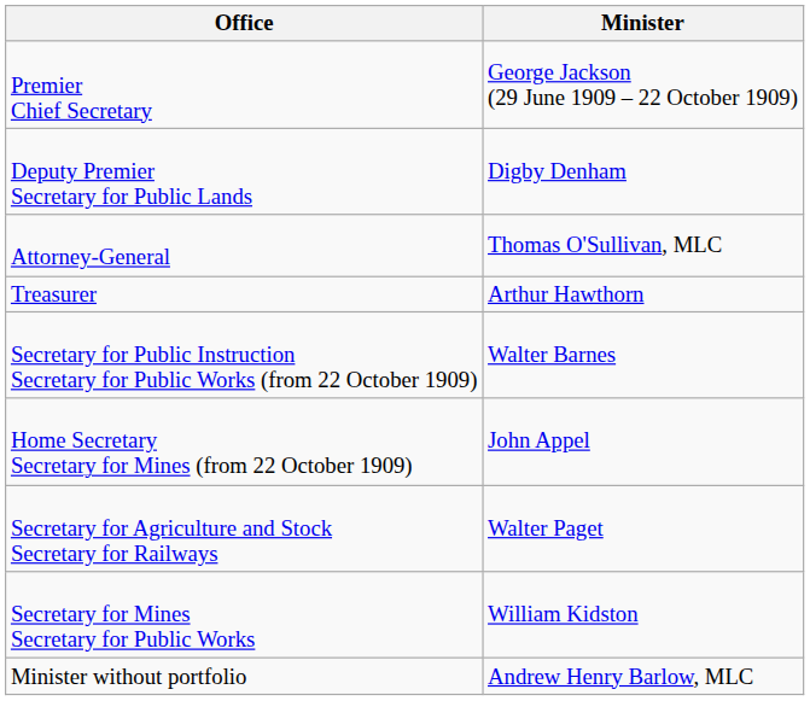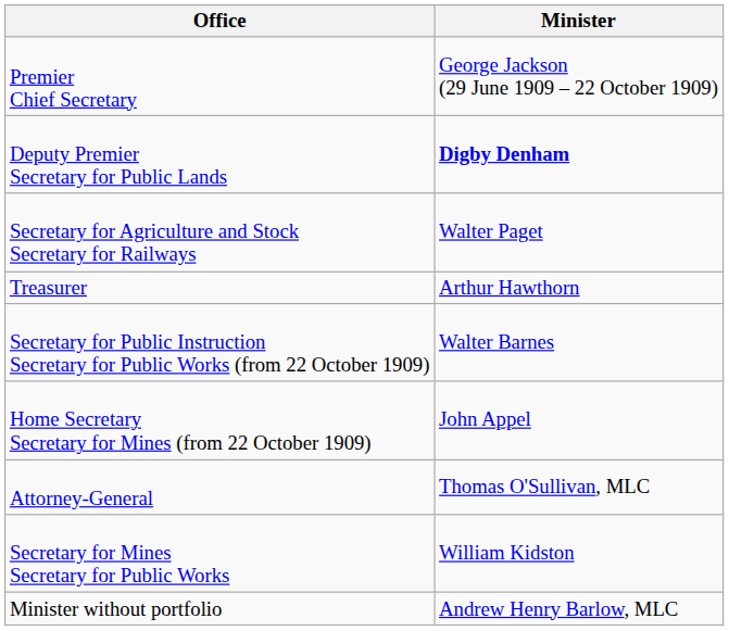 <table class="wikitable">
 <tr>
 <th>Office</th>
 <th>Minister</th>
 </tr>
 <tr>
 <td><br><a href='#'>Premier</a><br> <a href='#'>Chief Secretary</a><br></td>
 <td><a href='#'>George Jackson</a><br>(29 June 1909 – 22 October 1909)</td>
 </tr>
 <tr>
 <td><br><a href='#'>Deputy Premier</a><br> <a href='#'>Secretary for Public Lands</a></td>
-<td><a href='#'>Digby Denham</a></td>
+<td><strong><a href='#'>Digby Denham</a></strong></td>
 </tr>
 <tr>
-<td><br><a href='#'>Attorney-General</a></td>
-<td><a href='#'>Thomas O'Sullivan</a>, MLC</td>
+<td><br><a href='#'>Secretary for Agriculture and Stock</a><br> <a href='#'>Secretary for Railways</a></td>
+<td><a href='#'>Walter Paget</a></td>
 </tr>
 <tr>
 <td><a href='#'>Treasurer</a></td>
 <td><a href='#'>Arthur Hawthorn</a></td>
 </tr>
 <tr>
 <td><br><a href='#'>Secretary for Public Instruction</a><br> <a href='#'>Secretary for Public Works</a> (from 22 October 1909)</td>
 <td><a href='#'>Walter Barnes</a></td>
 </tr>
 <tr>
 <td><br><a href='#'>Home Secretary</a><br> <a href='#'>Secretary for Mines</a> (from 22 October 1909)</td>
 <td><a href='#'>John Appel</a></td>
 </tr>
 <tr>
-<td><br><a href='#'>Secretary for Agriculture and Stock</a><br> <a href='#'>Secretary for Railways</a></td>
-<td><a href='#'>Walter Paget</a></td>
+<td><br><a href='#'>Attorney-General</a></td>
+<td><a href='#'>Thomas O'Sullivan</a>, MLC</td>
 </tr>
 <tr>
 <td><br><a href='#'>Secretary for Mines</a><br> <a href='#'>Secretary for Public Works</a><br></td>
 <td><a href='#'>William Kidston</a></td>
 </tr>
 <tr>
 <td>Minister without portfolio</td>
 <td><a href='#'>Andrew Henry Barlow</a>, MLC</td>
 </tr>
 </table>
